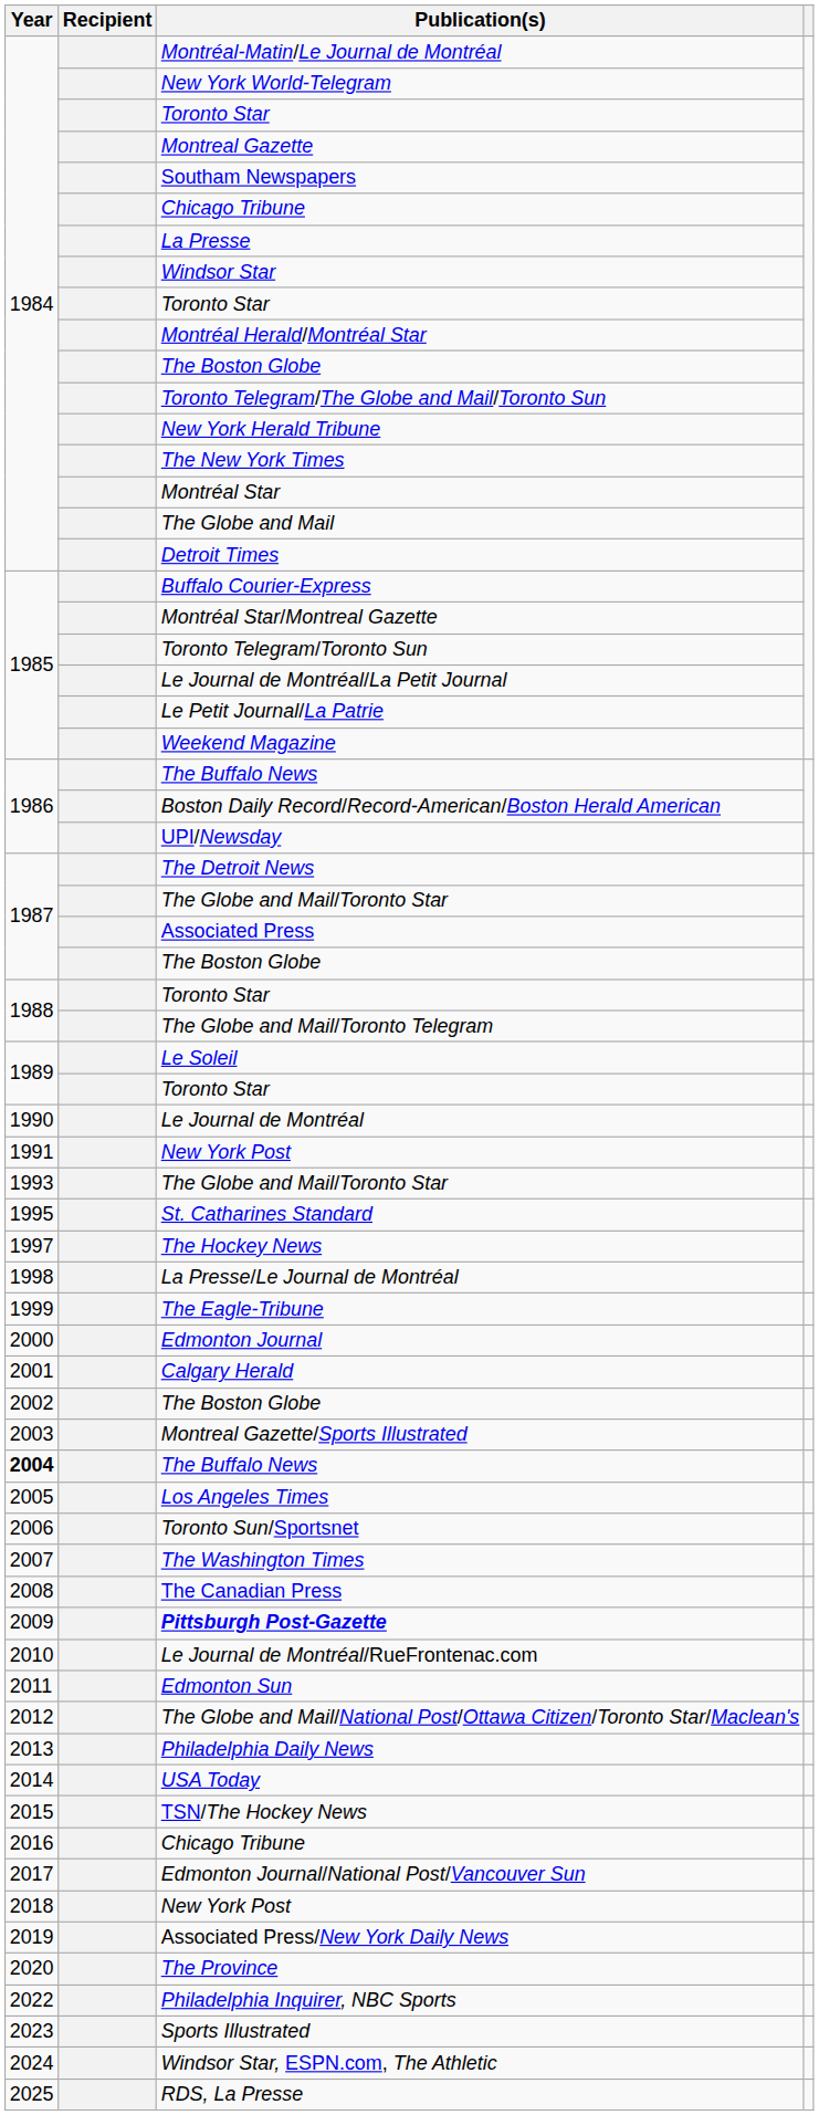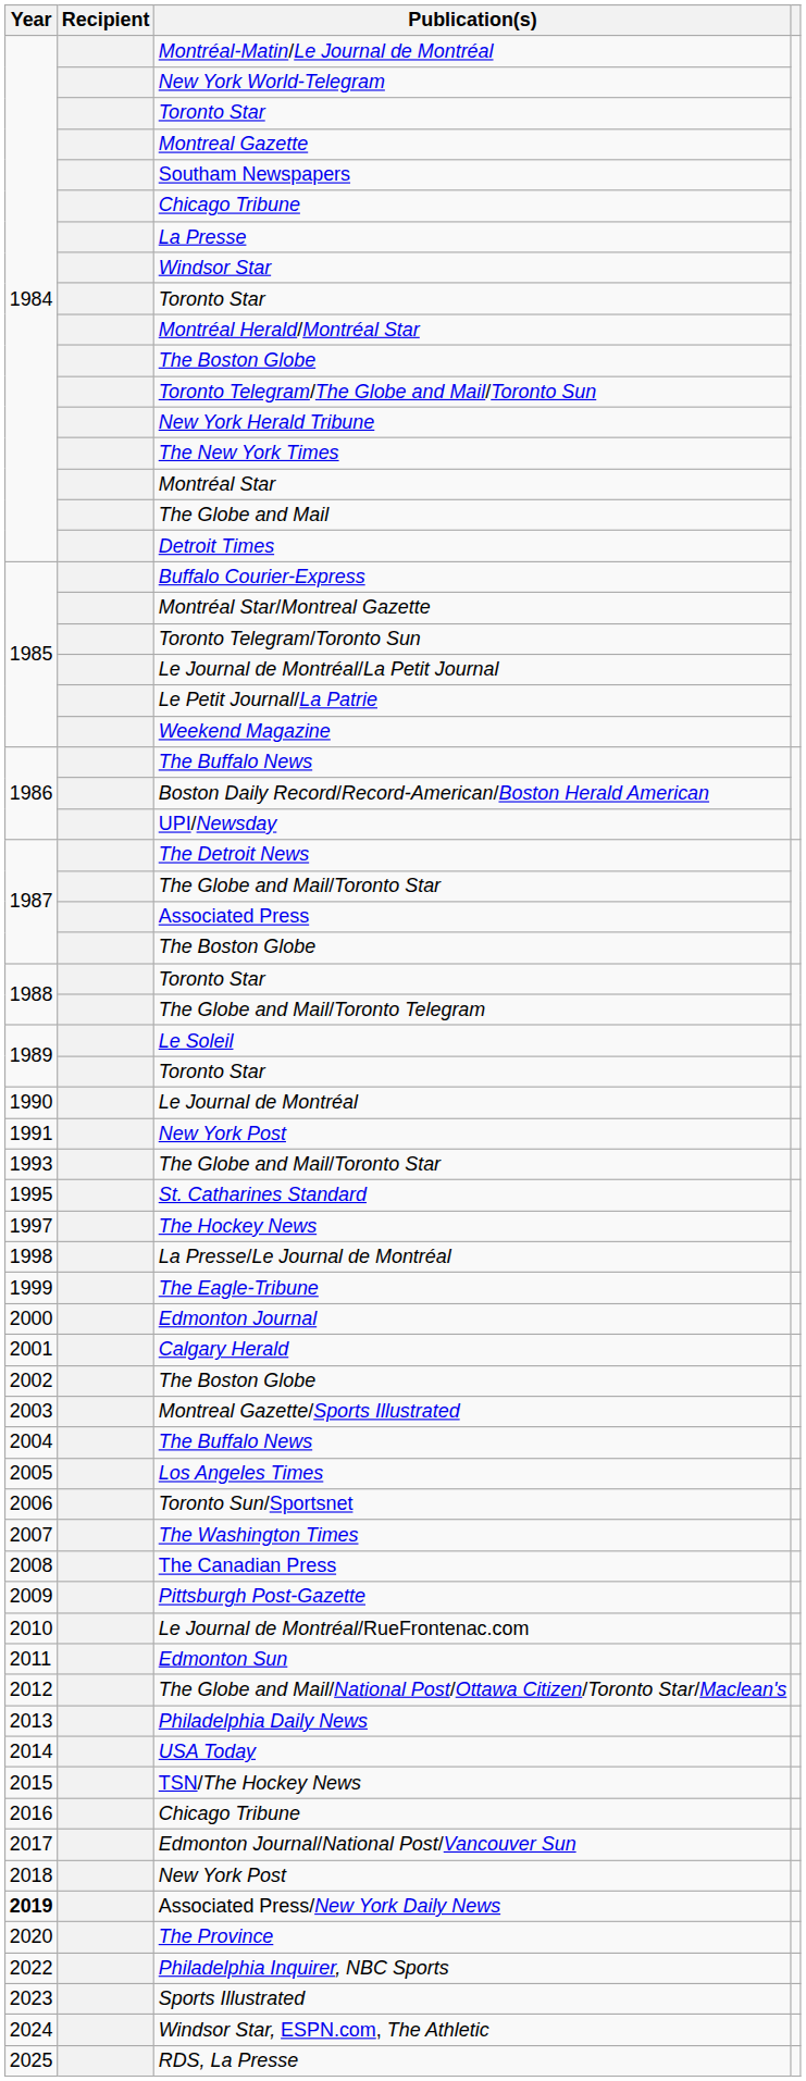 <table class="wikitable plainrowheaders sortable">
 <tr>
 <th scope="col">Year</th>
 <th scope="col">Recipient</th>
 <th scope="col">Publication(s)</th>
 <th scope="col" class="unsortable"></th>
 </tr>
 <tr>
 <td rowspan="17">1984</td>
 <th scope="row"></th>
 <td><em><a href='#'>Montréal-Matin</a></em>/<em><a href='#'>Le Journal de Montréal</a></em></td>
 <td rowspan="23"></td>
 </tr>
 <tr>
 <th scope="row"></th>
 <td><em><a href='#'>New York World-Telegram</a></em></td>
 </tr>
 <tr>
 <th scope="row"></th>
 <td><em><a href='#'>Toronto Star</a></em></td>
 </tr>
 <tr>
 <th scope="row"></th>
 <td><em><a href='#'>Montreal Gazette</a></em></td>
 </tr>
 <tr>
 <th scope="row"></th>
 <td><a href='#'>Southam Newspapers</a></td>
 </tr>
 <tr>
 <th scope="row"></th>
 <td><em><a href='#'>Chicago Tribune</a></em></td>
 </tr>
 <tr>
 <th scope="row"></th>
 <td><em><a href='#'>La Presse</a></em></td>
 </tr>
 <tr>
 <th scope="row"></th>
 <td><em><a href='#'>Windsor Star</a></em></td>
 </tr>
 <tr>
 <th scope="row"></th>
 <td><em>Toronto Star</em></td>
 </tr>
 <tr>
 <th scope="row"></th>
 <td><a href='#'><em>Montréal Herald</em></a>/<a href='#'><em>Montréal Star</em></a></td>
 </tr>
 <tr>
 <th scope="row"></th>
 <td><em><a href='#'>The Boston Globe</a></em></td>
 </tr>
 <tr>
 <th scope="row"></th>
 <td><em><a href='#'>Toronto Telegram</a></em>/<em><a href='#'>The Globe and Mail</a></em>/<em><a href='#'>Toronto Sun</a></em></td>
 </tr>
 <tr>
 <th scope="row"></th>
 <td><em><a href='#'>New York Herald Tribune</a></em></td>
 </tr>
 <tr>
 <th scope="row"></th>
 <td><em><a href='#'>The New York Times</a></em></td>
 </tr>
 <tr>
 <th scope="row"></th>
 <td><em>Montréal Star</em></td>
 </tr>
 <tr>
 <th scope="row"></th>
 <td><em>The Globe and Mail</em></td>
 </tr>
 <tr>
 <th scope="row"></th>
 <td><em><a href='#'>Detroit Times</a></em></td>
 </tr>
 <tr>
 <td rowspan="6">1985</td>
 <th scope="row"></th>
 <td><em><a href='#'>Buffalo Courier-Express</a></em></td>
 </tr>
 <tr>
 <th scope="row"></th>
 <td><em>Montréal Star</em>/<em>Montreal Gazette</em></td>
 </tr>
 <tr>
 <th scope="row"></th>
 <td><em>Toronto Telegram</em>/<em>Toronto Sun</em></td>
 </tr>
 <tr>
 <th scope="row"></th>
 <td><em>Le Journal de Montréal</em>/<em>La Petit Journal</em></td>
 </tr>
 <tr>
 <th scope="row"></th>
 <td><em>Le Petit Journal</em>/<a href='#'><em>La Patrie</em></a></td>
 </tr>
 <tr>
 <th scope="row"></th>
 <td><em><a href='#'>Weekend Magazine</a></em></td>
 </tr>
 <tr>
 <td rowspan="3">1986</td>
 <th scope="row"></th>
 <td><em><a href='#'>The Buffalo News</a></em></td>
 <td rowspan="3"></td>
 </tr>
 <tr>
 <th scope="row"></th>
 <td><em>Boston Daily Record</em>/<em>Record-American</em>/<a href='#'><em>Boston Herald American</em></a></td>
 </tr>
 <tr>
 <th scope="row"></th>
 <td><a href='#'>UPI</a>/<em><a href='#'>Newsday</a></em></td>
 </tr>
 <tr>
 <td rowspan="4">1987</td>
 <th scope="row"></th>
 <td><em><a href='#'>The Detroit News</a></em></td>
 <td rowspan="4"></td>
 </tr>
 <tr>
 <th scope="row"></th>
 <td><em>The Globe and Mail</em>/<em>Toronto Star</em></td>
 </tr>
 <tr>
 <th scope="row"></th>
 <td><a href='#'>Associated Press</a></td>
 </tr>
 <tr>
 <th scope="row"></th>
 <td><em>The Boston Globe</em></td>
 </tr>
 <tr>
 <td rowspan="2">1988</td>
 <th scope="row"></th>
 <td><em>Toronto Star</em></td>
 <td rowspan="2"></td>
 </tr>
 <tr>
 <th scope="row"></th>
 <td><em>The Globe and Mail</em>/<em>Toronto Telegram</em></td>
 </tr>
 <tr>
 <td rowspan="2">1989</td>
 <th scope="row"></th>
 <td><a href='#'><em>Le Soleil</em></a></td>
 <td></td>
 </tr>
 <tr>
 <th scope="row"></th>
 <td><em>Toronto Star</em></td>
 <td></td>
 </tr>
 <tr>
 <td>1990</td>
 <th scope="row"></th>
 <td><em>Le Journal de Montréal</em></td>
 <td></td>
 </tr>
 <tr>
 <td>1991</td>
 <th scope="row"></th>
 <td><em><a href='#'>New York Post</a></em></td>
 <td></td>
 </tr>
 <tr>
 <td>1993</td>
 <th scope="row"></th>
 <td><em>The Globe and Mail</em>/<em>Toronto Star</em></td>
 <td></td>
 </tr>
 <tr>
 <td>1995</td>
 <th scope="row"></th>
 <td><em><a href='#'>St. Catharines Standard</a></em></td>
 <td rowspan="3"></td>
 </tr>
 <tr>
 <td>1997</td>
 <th scope="row"></th>
 <td><em><a href='#'>The Hockey News</a></em></td>
 </tr>
 <tr>
 <td>1998</td>
 <th scope="row"></th>
 <td><em>La Presse</em>/<em>Le Journal de Montréal</em></td>
 </tr>
 <tr>
 <td>1999</td>
 <th scope="row"></th>
 <td><em><a href='#'>The Eagle-Tribune</a></em></td>
 <td></td>
 </tr>
 <tr>
 <td>2000</td>
 <th scope="row"></th>
 <td><em><a href='#'>Edmonton Journal</a></em></td>
 <td></td>
 </tr>
 <tr>
 <td>2001</td>
 <th scope="row"></th>
 <td><em><a href='#'>Calgary Herald</a></em></td>
 <td></td>
 </tr>
 <tr>
 <td>2002</td>
 <th scope="row"></th>
 <td><em>The Boston Globe</em></td>
 <td></td>
 </tr>
 <tr>
 <td>2003</td>
 <th scope="row"></th>
 <td><em>Montreal Gazette</em>/<em><a href='#'>Sports Illustrated</a></em></td>
 <td></td>
 </tr>
 <tr>
-<td><strong>2004</strong></td>
+<td>2004</td>
 <th scope="row"></th>
 <td><em><a href='#'>The Buffalo News</a></em></td>
 <td></td>
 </tr>
 <tr>
 <td>2005</td>
 <th scope="row"></th>
 <td><em><a href='#'>Los Angeles Times</a></em></td>
 <td></td>
 </tr>
 <tr>
 <td>2006</td>
 <th scope="row"></th>
 <td><em>Toronto Sun</em>/<a href='#'>Sportsnet</a></td>
 <td></td>
 </tr>
 <tr>
 <td>2007</td>
 <th scope="row"></th>
 <td><em><a href='#'>The Washington Times</a></em></td>
 <td></td>
 </tr>
 <tr>
 <td>2008</td>
 <th scope="row"></th>
 <td><a href='#'>The Canadian Press</a></td>
 <td></td>
 </tr>
 <tr>
 <td>2009</td>
 <th scope="row"></th>
-<td><strong><em><a href='#'>Pittsburgh Post-Gazette</a></em></strong></td>
+<td><em><a href='#'>Pittsburgh Post-Gazette</a></em></td>
 <td></td>
 </tr>
 <tr>
 <td>2010</td>
 <th scope="row"></th>
 <td><em>Le Journal de Montréal</em>/RueFrontenac.com</td>
 <td></td>
 </tr>
 <tr>
 <td>2011</td>
 <th scope="row"></th>
 <td><em><a href='#'>Edmonton Sun</a></em></td>
 <td></td>
 </tr>
 <tr>
 <td>2012</td>
 <th scope="row"></th>
 <td><em>The Globe and Mail</em>/<em><a href='#'>National Post</a></em>/<em><a href='#'>Ottawa Citizen</a></em>/<em>Toronto Star</em>/<em><a href='#'>Maclean's</a></em></td>
 <td></td>
 </tr>
 <tr>
 <td>2013</td>
 <th scope="row"></th>
 <td><em><a href='#'>Philadelphia Daily News</a></em></td>
 <td></td>
 </tr>
 <tr>
 <td>2014</td>
 <th scope="row"></th>
 <td><em><a href='#'>USA Today</a></em></td>
 <td></td>
 </tr>
 <tr>
 <td>2015</td>
 <th scope="row"></th>
 <td><a href='#'>TSN</a>/<em>The Hockey News</em></td>
 <td></td>
 </tr>
 <tr>
 <td>2016</td>
 <th scope="row"></th>
 <td><em>Chicago Tribune</em></td>
 <td></td>
 </tr>
 <tr>
 <td>2017</td>
 <th scope="row"></th>
 <td><em>Edmonton Journal</em>/<em>National Post</em>/<em><a href='#'>Vancouver Sun</a></em></td>
 <td></td>
 </tr>
 <tr>
 <td>2018</td>
 <th scope="row"></th>
 <td><em>New York Post</em></td>
 <td></td>
 </tr>
 <tr>
-<td>2019</td>
+<td><strong>2019</strong></td>
 <th scope="row"></th>
 <td>Associated Press/<em><a href='#'>New York Daily News</a></em></td>
 <td></td>
 </tr>
 <tr>
 <td>2020</td>
 <th scope="row"></th>
 <td><em><a href='#'>The Province</a></em></td>
 <td></td>
 </tr>
 <tr>
 <td>2022</td>
 <th scope="row"></th>
 <td><em><a href='#'>Philadelphia Inquirer</a>,</em> <em>NBC Sports</em></td>
 <td></td>
 </tr>
 <tr>
 <td>2023</td>
 <th scope="row"></th>
 <td><em>Sports Illustrated</em></td>
 <td></td>
 </tr>
 <tr>
 <td>2024</td>
 <th scope="row"></th>
 <td><em>Windsor Star,</em> <a href='#'>ESPN.com</a>, <em>The Athletic</em></td>
 <td></td>
 </tr>
 <tr>
 <td>2025</td>
 <th scope="row"></th>
 <td><em>RDS, La Presse</em></td>
 <td></td>
 </tr>
 </table>
